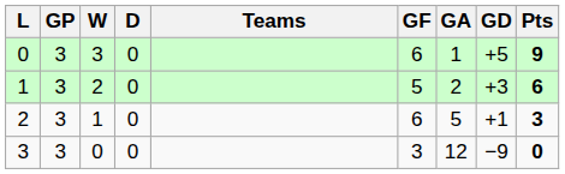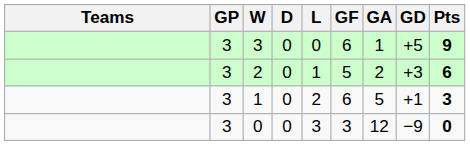 <table class="wikitable">
 <tr align=center bgcolor=#efefef>
-<th width=20>L</th>
+<th width=185>Teams</th>
 <th width=20>GP</th>
 <th width=20>W</th>
 <th width=20>D</th>
-<th width=185>Teams</th>
+<th width=20>L</th>
 <th width=20>GF</th>
 <th width=20>GA</th>
 <th width=20>GD</th>
 <th width=20>Pts</th>
 </tr>
 <tr align=center style="background:#ccffcc;">
-<td>0</td>
+<td style="text-align:left;"></td>
 <td>3</td>
 <td>3</td>
 <td>0</td>
-<td style="text-align:left;"></td>
+<td>0</td>
 <td>6</td>
 <td>1</td>
 <td>+5</td>
 <td><strong>9</strong></td>
 </tr>
 <tr align=center style="background:#ccffcc;">
-<td>1</td>
+<td style="text-align:left;"></td>
 <td>3</td>
 <td>2</td>
 <td>0</td>
-<td style="text-align:left;"></td>
+<td>1</td>
 <td>5</td>
 <td>2</td>
 <td>+3</td>
 <td><strong>6</strong></td>
 </tr>
 <tr align=center>
-<td>2</td>
+<td style="text-align:left;"></td>
 <td>3</td>
 <td>1</td>
 <td>0</td>
-<td style="text-align:left;"></td>
+<td>2</td>
 <td>6</td>
 <td>5</td>
 <td>+1</td>
 <td><strong>3</strong></td>
 </tr>
 <tr align=center>
-<td>3</td>
+<td style="text-align:left;"></td>
 <td>3</td>
 <td>0</td>
 <td>0</td>
-<td style="text-align:left;"></td>
+<td>3</td>
 <td>3</td>
 <td>12</td>
 <td>−9</td>
 <td><strong>0</strong></td>
 </tr>
 </table>
